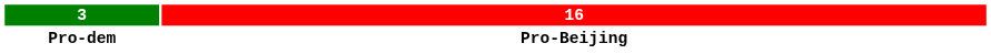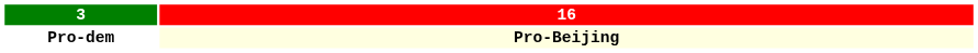 <table style="width:50%; text-align:center;">
 <tr style="color:white;">
 <td style="background:green; width:15.79%;"><strong>3</strong></td>
 <td style="background:red; width:84.21%;"><strong>16</strong></td>
 </tr>
 <tr>
 <td><span><strong>Pro-dem</strong></span></td>
-<td><span><strong>Pro-Beijing</strong></span></td>
+<td style="background: lightyellow;"><span><strong>Pro-Beijing</strong></span></td>
 </tr>
 </table>
